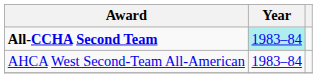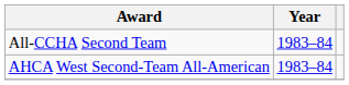 <table class="wikitable">
 <tr>
 <th>Award</th>
 <th>Year</th>
 <th></th>
 </tr>
 <tr>
-<td><strong>All-<a href='#'>CCHA</a> <a href='#'>Second Team</a></strong></td>
-<td style="background: paleturquoise;"><a href='#'>1983–84</a></td>
+<td>All-<a href='#'>CCHA</a> <a href='#'>Second Team</a></td>
+<td><a href='#'>1983–84</a></td>
 <td></td>
 </tr>
 <tr>
 <td><a href='#'>AHCA</a> <a href='#'>West Second-Team All-American</a></td>
 <td><a href='#'>1983–84</a></td>
 <td></td>
 </tr>
 <tr>
 </tr>
 </table>
